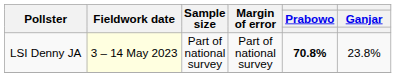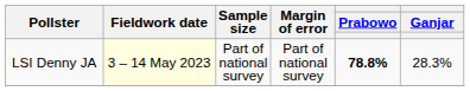 <table class="wikitable" style="text-align:center; font-size:90%; line-height:14px;">
 <tr bgcolor=lightgray>
 <th style="width:95px;" rowspan="3">Pollster</th>
 <th style="width:110px;" rowspan="3">Fieldwork date</th>
 <th style="width:35px;" rowspan="3">Sample size</th>
 <th rowspan="3" style="width:60px;">Margin of error</th>
 <th style="width:60px;"></th>
 <th style="width:60px;"></th>
 </tr>
 <tr>
 <th><a href='#'>Prabowo</a> <br></th>
 <th><a href='#'>Ganjar</a> <br></th>
 </tr>
 <tr>
 <th class="unsortable" style="color:inherit;background:"></th>
 <th class="unsortable" style="color:inherit;background:"></th>
 </tr>
 <tr>
 <td>LSI Denny JA</td>
 <td style="background: lightyellow;">3 – 14 May 2023</td>
 <td>Part of national survey</td>
 <td>Part of national survey</td>
-<td style="background-color:#"><strong>70.8%</strong></td>
-<td>23.8%</td>
+<td style="background-color:#"><strong>78.8%</strong></td>
+<td>28.3%</td>
 </tr>
 <tr>
 </tr>
 </table>
